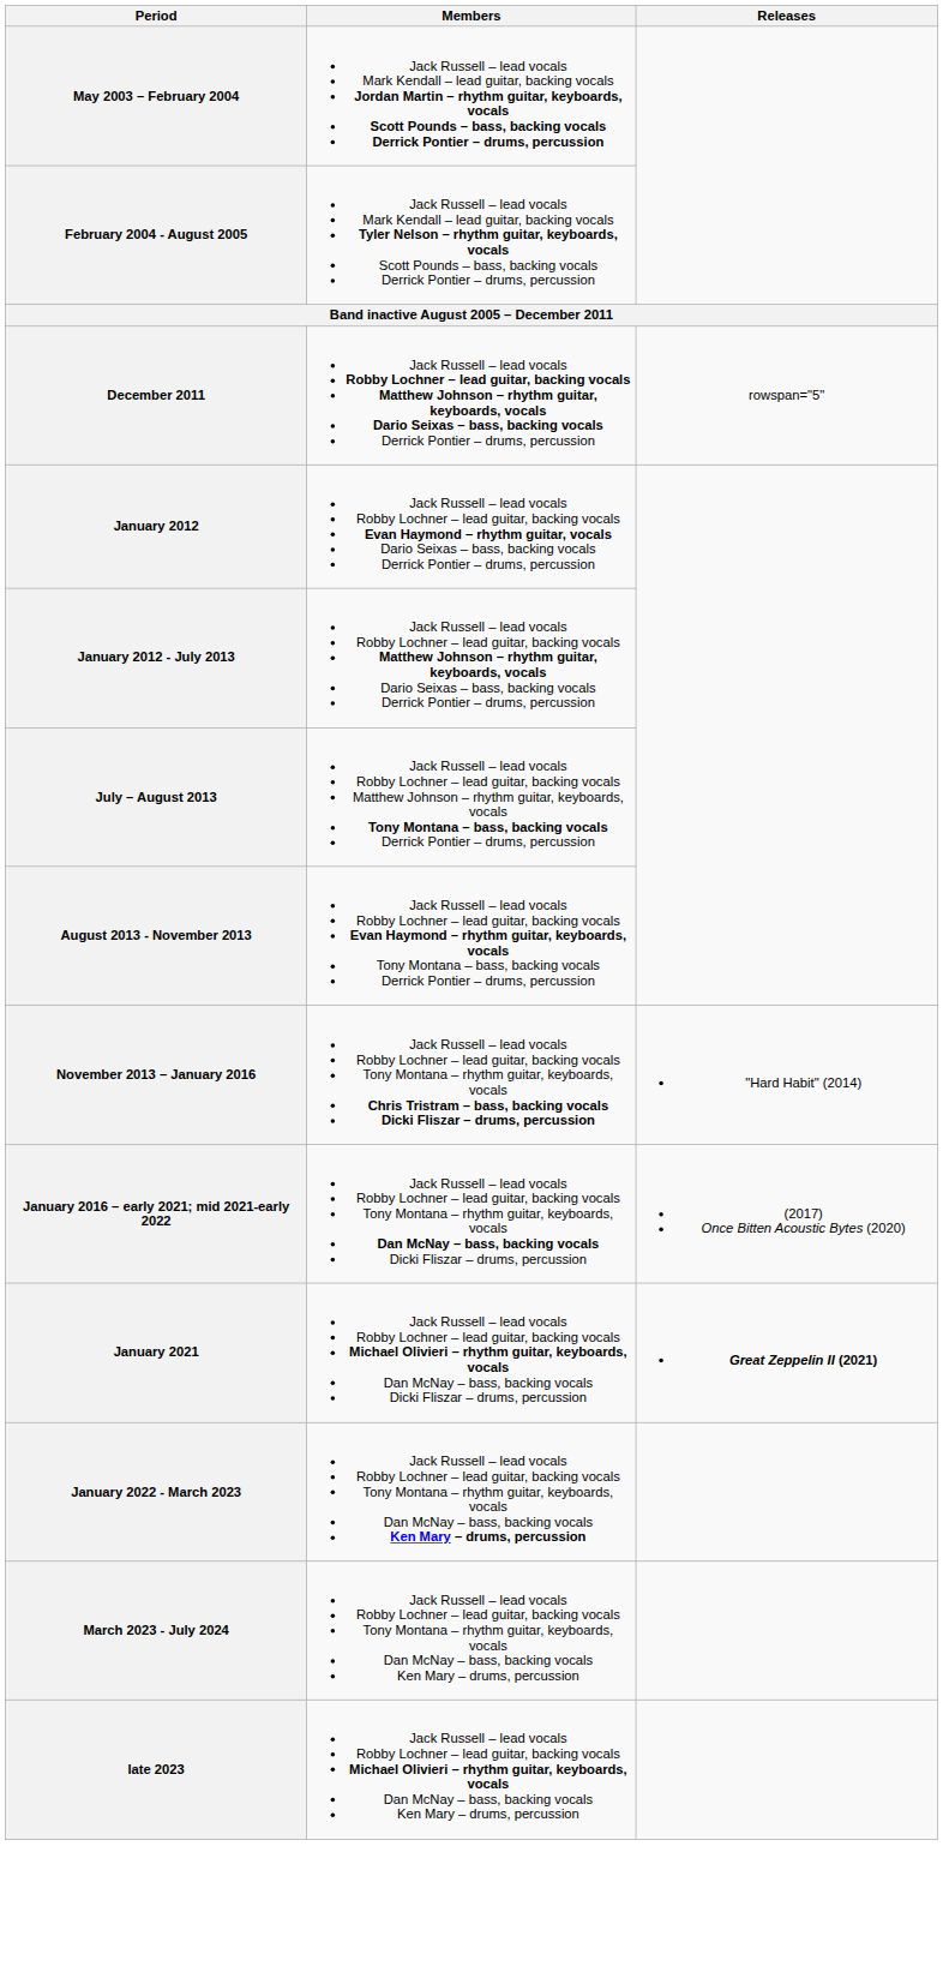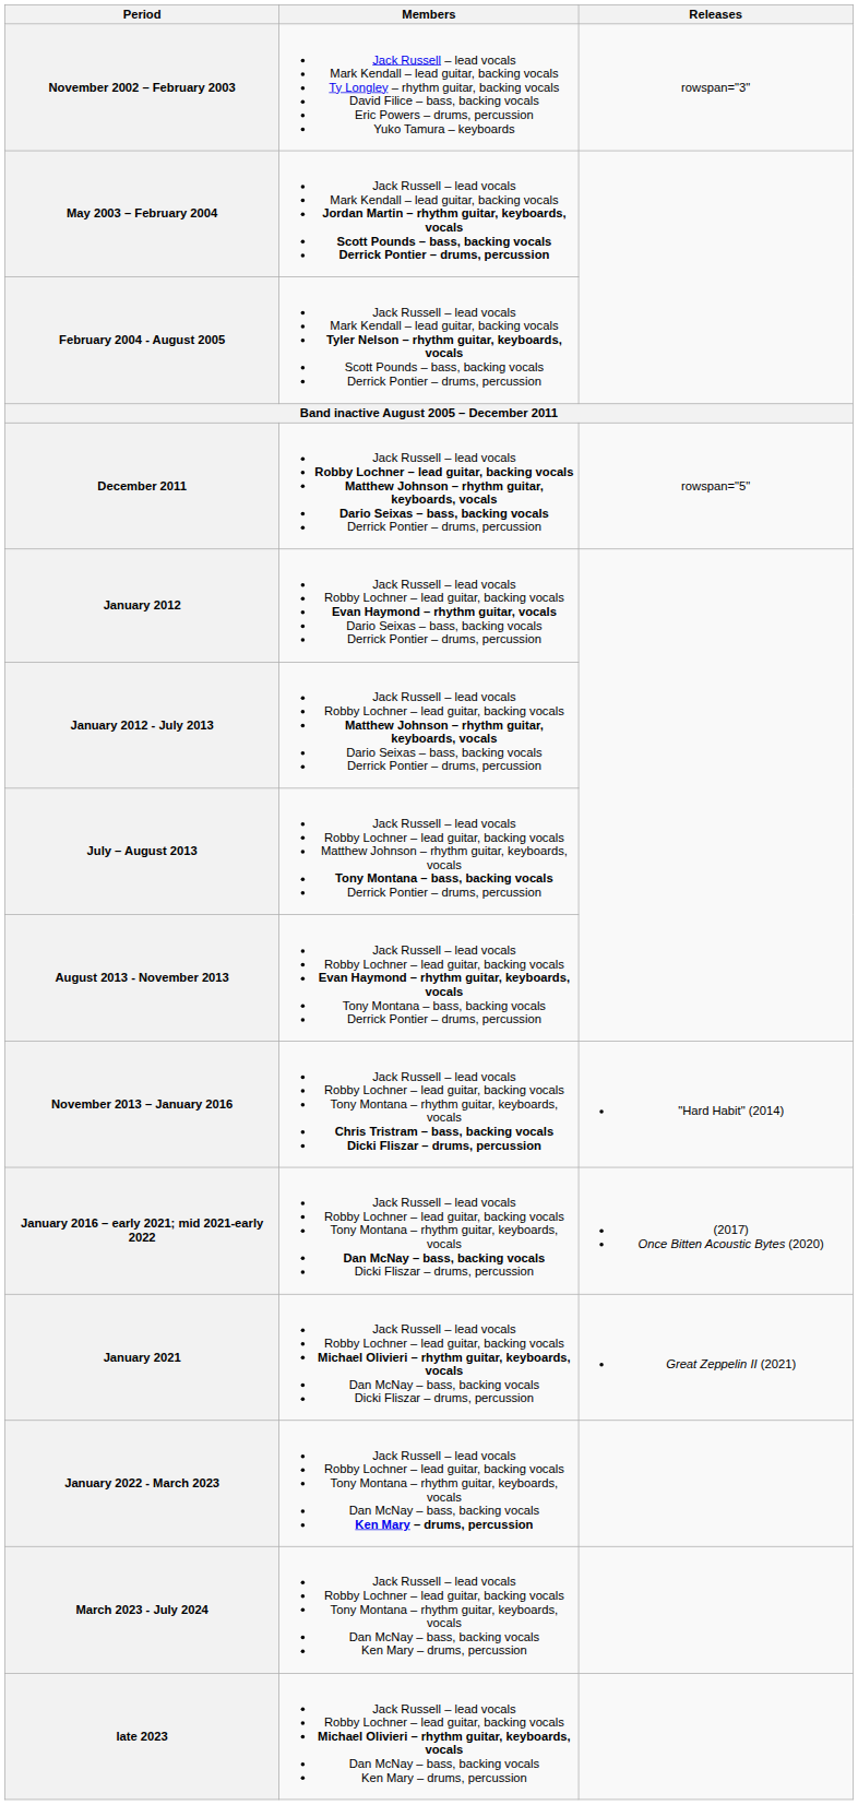 <table class="wikitable plainrowheaders" style="text-align:center;">
 <tr>
 <th scope="col" style="width:22em;">Period</th>
 <th scope="col" style="width:24em;">Members</th>
 <th scope="col" style="width:22em;">Releases</th>
+</tr>
+<tr>
+<th scope="col">November 2002 – February 2003</th>
+<td><br><ul><li><a href='#'>Jack Russell</a> – lead vocals</li><li>Mark Kendall – lead guitar, backing vocals</li><li><a href='#'>Ty Longley</a> – rhythm guitar, backing vocals</li><li>David Filice – bass, backing vocals</li><li>Eric Powers – drums, percussion</li><li>Yuko Tamura – keyboards</li></ul></td>
+<td>rowspan="3" </td>
 </tr>
 <tr>
 <th scope="col">May 2003 – February 2004 <br></th>
 <td><br><ul><li>Jack Russell – lead vocals</li><li>Mark Kendall – lead guitar, backing vocals</li><li><strong>Jordan Martin – rhythm guitar, keyboards, vocals</strong></li><li><strong>Scott Pounds – bass, backing vocals</strong></li><li><strong>Derrick Pontier – drums, percussion</strong></li></ul></td>
 </tr>
 <tr>
 <th scope="col">February 2004 - August 2005 <br></th>
 <td><br><ul><li>Jack Russell – lead vocals</li><li>Mark Kendall – lead guitar, backing vocals</li><li><strong>Tyler Nelson – rhythm guitar, keyboards, vocals</strong></li><li>Scott Pounds – bass, backing vocals</li><li>Derrick Pontier – drums, percussion</li></ul></td>
 </tr>
 <tr>
 <th scope="col" colspan="3">Band inactive August 2005 – December 2011</th>
 </tr>
 <tr>
 <th scope="col">December 2011</th>
 <td><br><ul><li>Jack Russell – lead vocals</li><li><strong>Robby Lochner – lead guitar, backing vocals</strong></li><li><strong>Matthew Johnson – rhythm guitar, keyboards, vocals</strong></li><li><strong>Dario Seixas – bass, backing vocals</strong></li><li>Derrick Pontier – drums, percussion</li></ul></td>
 <td>rowspan="5" </td>
 </tr>
 <tr>
 <th scope="col">January 2012</th>
 <td><br><ul><li>Jack Russell – lead vocals</li><li>Robby Lochner – lead guitar, backing vocals</li><li><strong>Evan Haymond – rhythm guitar, vocals</strong></li><li>Dario Seixas – bass, backing vocals</li><li>Derrick Pontier – drums, percussion</li></ul></td>
 </tr>
 <tr>
 <th scope="col">January 2012 - July 2013</th>
 <td><br><ul><li>Jack Russell – lead vocals</li><li>Robby Lochner – lead guitar, backing vocals</li><li><strong>Matthew Johnson – rhythm guitar, keyboards, vocals</strong></li><li>Dario Seixas – bass, backing vocals</li><li>Derrick Pontier – drums, percussion</li></ul></td>
 </tr>
 <tr>
 <th scope="col">July – August 2013</th>
 <td><br><ul><li>Jack Russell – lead vocals</li><li>Robby Lochner – lead guitar, backing vocals</li><li>Matthew Johnson – rhythm guitar, keyboards, vocals</li><li><strong>Tony Montana – bass, backing vocals</strong></li><li>Derrick Pontier – drums, percussion</li></ul></td>
 </tr>
 <tr>
 <th scope="col">August 2013 - November 2013</th>
 <td><br><ul><li>Jack Russell – lead vocals</li><li>Robby Lochner – lead guitar, backing vocals</li><li><strong>Evan Haymond – rhythm guitar, keyboards, vocals</strong></li><li>Tony Montana – bass, backing vocals</li><li>Derrick Pontier – drums, percussion</li></ul></td>
 </tr>
 <tr>
 <th scope="col">November 2013 – January 2016</th>
 <td><br><ul><li>Jack Russell – lead vocals</li><li>Robby Lochner – lead guitar, backing vocals</li><li>Tony Montana – rhythm guitar, keyboards, vocals</li><li><strong>Chris Tristram – bass, backing vocals</strong></li><li><strong>Dicki Fliszar – drums, percussion</strong></li></ul></td>
 <td><br><ul><li>"Hard Habit" (2014)</li></ul></td>
 </tr>
 <tr>
 <th scope="col">January 2016 – early 2021; mid 2021-early 2022</th>
 <td><br><ul><li>Jack Russell – lead vocals</li><li>Robby Lochner – lead guitar, backing vocals</li><li>Tony Montana – rhythm guitar, keyboards, vocals</li><li><strong>Dan McNay – bass, backing vocals</strong></li><li>Dicki Fliszar – drums, percussion</li></ul></td>
 <td><br><ul><li><em></em> (2017)</li><li><em>Once Bitten Acoustic Bytes</em> (2020)</li></ul></td>
 </tr>
 <tr>
 <th scope="col">January 2021</th>
 <td><br><ul><li>Jack Russell – lead vocals</li><li>Robby Lochner – lead guitar, backing vocals</li><li><strong>Michael Olivieri – rhythm guitar, keyboards, vocals</strong> </li><li>Dan McNay – bass, backing vocals</li><li>Dicki Fliszar – drums, percussion</li></ul></td>
-<td><strong><br><ul><li><em>Great Zeppelin II</em> (2021)</li></ul></strong></td>
+<td><br><ul><li><em>Great Zeppelin II</em> (2021)</li></ul></td>
 </tr>
 <tr>
 <th scope="col">January 2022 - March 2023</th>
 <td><br><ul><li>Jack Russell – lead vocals</li><li>Robby Lochner – lead guitar, backing vocals</li><li>Tony Montana – rhythm guitar, keyboards, vocals</li><li>Dan McNay – bass, backing vocals</li><li><strong><a href='#'>Ken Mary</a> – drums, percussion</strong> </li></ul></td>
 <td></td>
 </tr>
 <tr>
 <th scope="col">March 2023 - July 2024</th>
 <td><br><ul><li>Jack Russell – lead vocals</li><li>Robby Lochner – lead guitar, backing vocals</li><li>Tony Montana – rhythm guitar, keyboards, vocals</li><li>Dan McNay – bass, backing vocals</li><li>Ken Mary – drums, percussion</li></ul></td>
 <td></td>
 </tr>
 <tr>
 <th scope="col">late 2023</th>
 <td><br><ul><li>Jack Russell – lead vocals</li><li>Robby Lochner – lead guitar, backing vocals</li><li><strong>Michael Olivieri – rhythm guitar, keyboards, vocals</strong> </li><li>Dan McNay – bass, backing vocals</li><li>Ken Mary – drums, percussion</li></ul></td>
 <td></td>
 </tr>
 </table>
